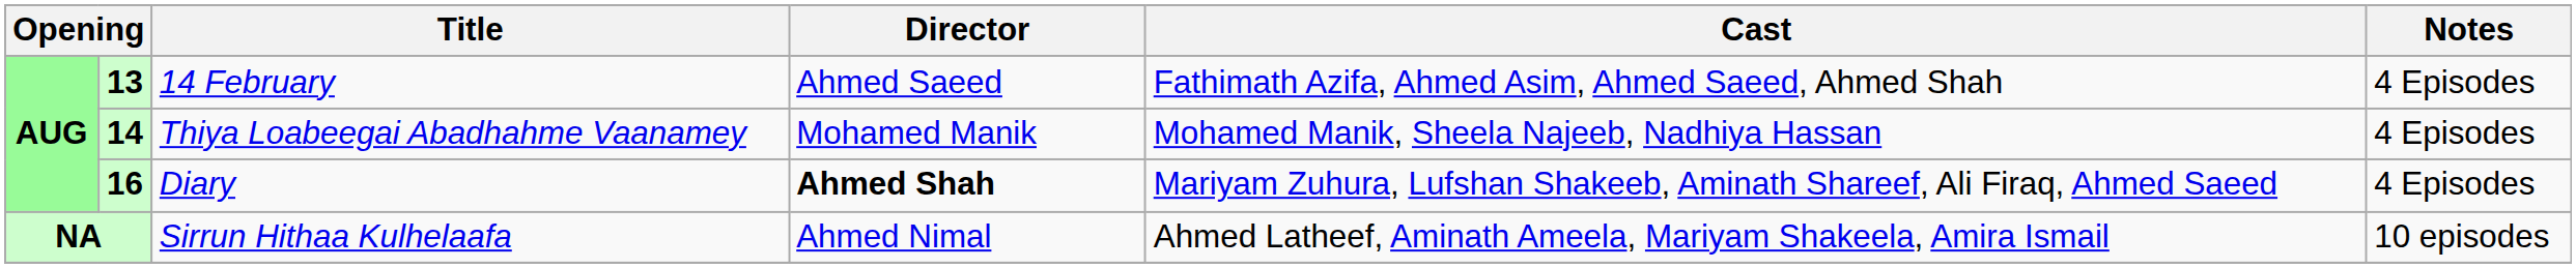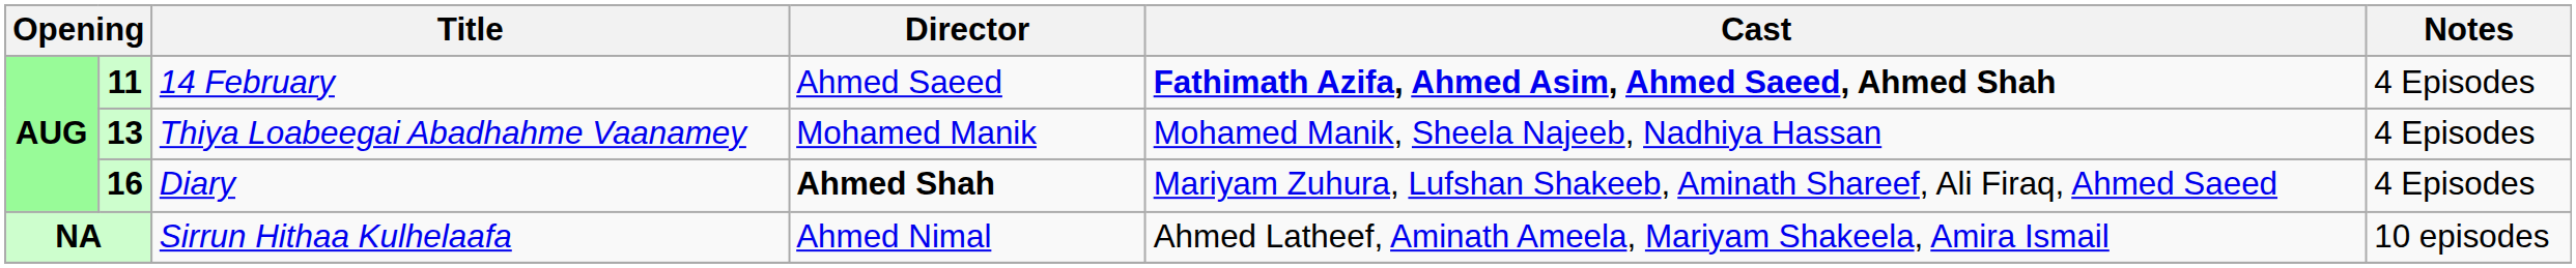 <table class="wikitable plainrowheaders" width="100%">
 <tr>
 <th scope="col" colspan="2" width=4%>Opening</th>
 <th scope="col" width=25%>Title</th>
 <th scope="col" width=14%>Director</th>
 <th scope="col" width=48%>Cast</th>
 <th scope="col" width=8%>Notes</th>
 </tr>
 <tr>
 <td style="text-align:center; background:#98fb98; textcolor:#000;" rowspan="3"><strong>AUG</strong></td>
-<td style="text-align:center; textcolor:#000; background:#cdfecd;"><strong>13</strong></td>
+<td style="text-align:center; textcolor:#000; background:#cdfecd;"><strong>11</strong></td>
 <td><em><a href='#'>14 February</a></em></td>
 <td><a href='#'>Ahmed Saeed</a></td>
-<td><a href='#'>Fathimath Azifa</a>, <a href='#'>Ahmed Asim</a>, <a href='#'>Ahmed Saeed</a>, Ahmed Shah</td>
+<td><strong><a href='#'>Fathimath Azifa</a>, <a href='#'>Ahmed Asim</a>, <a href='#'>Ahmed Saeed</a>, Ahmed Shah</strong></td>
 <td>4 Episodes</td>
 </tr>
 <tr>
-<td style="text-align:center; textcolor:#000; background:#cdfecd;"><strong>14</strong></td>
+<td style="text-align:center; textcolor:#000; background:#cdfecd;"><strong>13</strong></td>
 <td><em><a href='#'>Thiya Loabeegai Abadhahme Vaanamey</a></em></td>
 <td><a href='#'>Mohamed Manik</a></td>
 <td><a href='#'>Mohamed Manik</a>, <a href='#'>Sheela Najeeb</a>, <a href='#'>Nadhiya Hassan</a></td>
 <td>4 Episodes</td>
 </tr>
 <tr>
 <td style="text-align:center; textcolor:#000; background:#cdfecd;"><strong>16</strong></td>
 <td><em><a href='#'>Diary</a></em></td>
 <td><strong>Ahmed Shah</strong></td>
 <td><a href='#'>Mariyam Zuhura</a>, <a href='#'>Lufshan Shakeeb</a>, <a href='#'>Aminath Shareef</a>, Ali Firaq, <a href='#'>Ahmed Saeed</a></td>
 <td>4 Episodes</td>
 </tr>
 <tr>
 <td style="text-align:center; textcolor:#000; background:#cdfecd;" colspan="2"><strong>NA</strong></td>
 <td><em><a href='#'>Sirrun Hithaa Kulhelaafa</a></em></td>
 <td><a href='#'>Ahmed Nimal</a></td>
 <td>Ahmed Latheef, <a href='#'>Aminath Ameela</a>, <a href='#'>Mariyam Shakeela</a>, <a href='#'>Amira Ismail</a></td>
 <td>10 episodes</td>
 </tr>
 <tr>
 </tr>
 </table>
